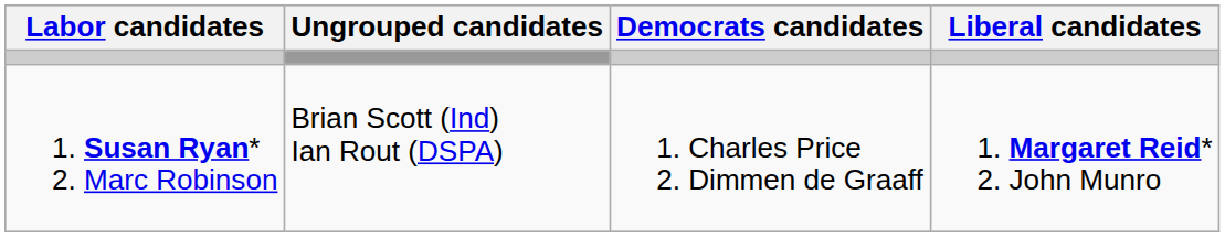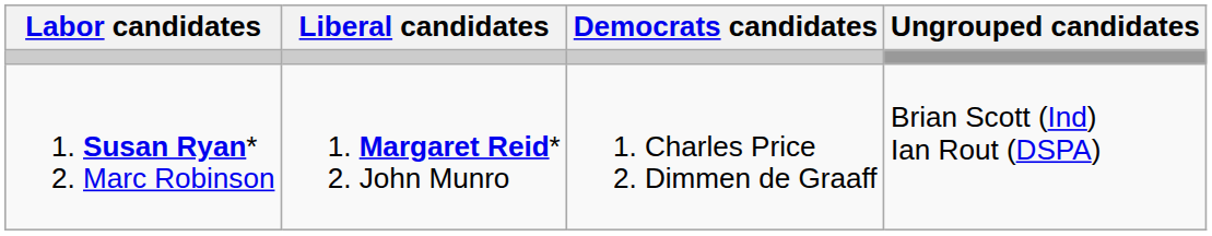 <table class="wikitable">
 <tr>
 <th><a href='#'>Labor</a> candidates</th>
+<th><a href='#'>Liberal</a> candidates</th>
+<th><a href='#'>Democrats</a> candidates</th>
 <th>Ungrouped candidates</th>
-<th><a href='#'>Democrats</a> candidates</th>
-<th><a href='#'>Liberal</a> candidates</th>
 </tr>
 <tr bgcolor="#cccccc">
 <td></td>
-<td bgcolor="#999999"></td>
 <td></td>
 <td></td>
+<td bgcolor="#999999"></td>
 </tr>
 <tr>
 <td><br><ol><li><strong><a href='#'>Susan Ryan</a></strong>*</li><li><a href='#'>Marc Robinson</a></li></ol></td>
+<td><br><ol><li><strong><a href='#'>Margaret Reid</a></strong>*</li><li>John Munro</li></ol></td>
+<td valign=top><br><ol><li>Charles Price</li><li>Dimmen de Graaff</li></ol></td>
 <td valign=top><br>Brian Scott (<a href='#'>Ind</a>)<br> Ian Rout (<a href='#'>DSPA</a>)</td>
-<td valign=top><br><ol><li>Charles Price</li><li>Dimmen de Graaff</li></ol></td>
-<td><br><ol><li><strong><a href='#'>Margaret Reid</a></strong>*</li><li>John Munro</li></ol></td>
 </tr>
 </table>
